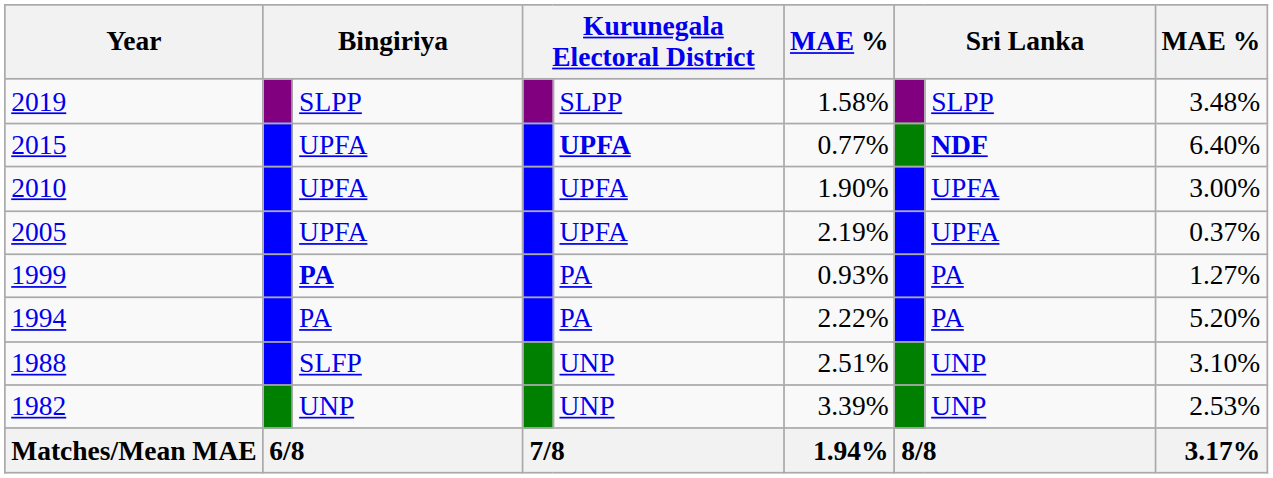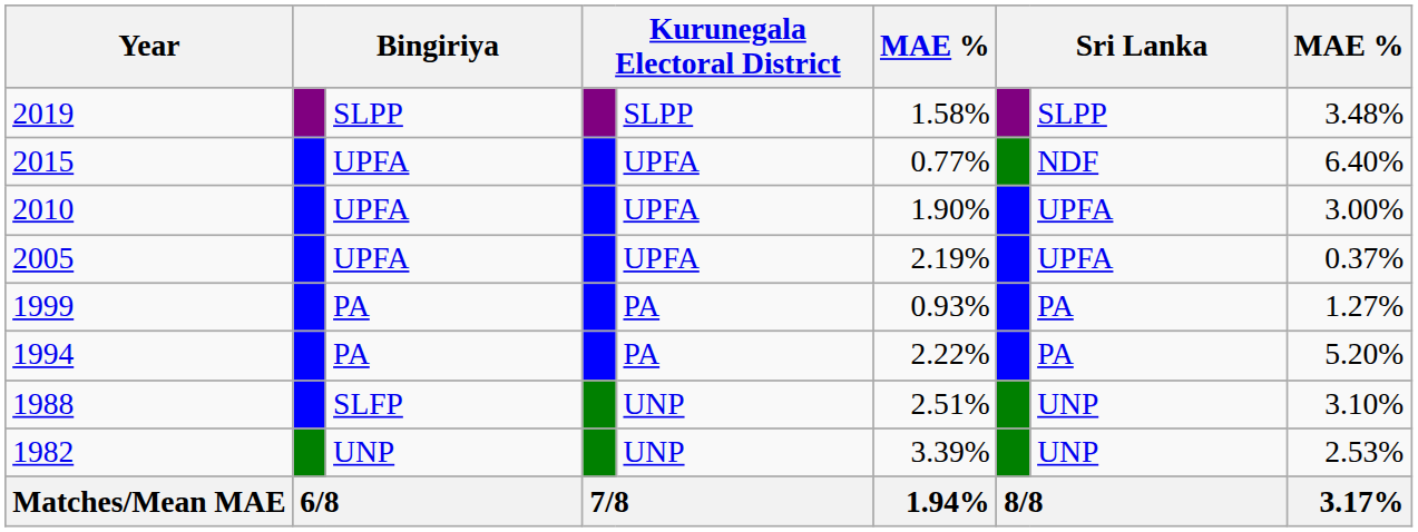 <table class="wikitable">
 <tr>
 <th>Year</th>
 <th colspan="2" width="144px">Bingiriya</th>
 <th colspan="2" width="144px"><a href='#'>Kurunegala Electoral District</a></th>
 <th><a href='#'>MAE</a> %</th>
 <th colspan="2" width="144px">Sri Lanka</th>
 <th>MAE %</th>
 </tr>
 <tr>
 <td><a href='#'>2019</a></td>
 <td style="background-color:purple;" width="10px"></td>
 <td style="text-align:left;"><a href='#'>SLPP</a></td>
 <td style="background-color:purple;" width="10px"></td>
 <td style="text-align:left;"><a href='#'>SLPP</a></td>
 <td style="text-align:right;">1.58%</td>
 <td style="background-color:purple;" width="10px"></td>
 <td style="text-align:left;"><a href='#'>SLPP</a></td>
 <td style="text-align:right;">3.48%</td>
 </tr>
 <tr>
 <td><a href='#'>2015</a></td>
 <td style="background-color:blue;" width="10px"></td>
 <td style="text-align:left;"><a href='#'>UPFA</a></td>
 <td style="background-color:blue;" width="10px"></td>
-<td style="text-align:left;"><strong><a href='#'>UPFA</a></strong></td>
+<td style="text-align:left;"><a href='#'>UPFA</a></td>
 <td style="text-align:right;">0.77%</td>
 <td style="background-color:green;" width="10px"></td>
-<td style="text-align:left;"><strong><a href='#'>NDF</a></strong></td>
+<td style="text-align:left;"><a href='#'>NDF</a></td>
 <td style="text-align:right;">6.40%</td>
 </tr>
 <tr>
 <td><a href='#'>2010</a></td>
 <td style="background-color:blue;" width="10px"></td>
 <td style="text-align:left;"><a href='#'>UPFA</a></td>
 <td style="background-color:blue;" width="10px"></td>
 <td style="text-align:left;"><a href='#'>UPFA</a></td>
 <td style="text-align:right;">1.90%</td>
 <td style="background-color:blue;" width="10px"></td>
 <td style="text-align:left;"><a href='#'>UPFA</a></td>
 <td style="text-align:right;">3.00%</td>
 </tr>
 <tr>
 <td><a href='#'>2005</a></td>
 <td style="background-color:blue;" width="10px"></td>
 <td style="text-align:left;"><a href='#'>UPFA</a></td>
 <td style="background-color:blue;" width="10px"></td>
 <td style="text-align:left;"><a href='#'>UPFA</a></td>
 <td style="text-align:right;">2.19%</td>
 <td style="background-color:blue;" width="10px"></td>
 <td style="text-align:left;"><a href='#'>UPFA</a></td>
 <td style="text-align:right;">0.37%</td>
 </tr>
 <tr>
 <td><a href='#'>1999</a></td>
 <td style="background-color:blue;" width="10px"></td>
-<td style="text-align:left;"><strong><a href='#'>PA</a></strong></td>
+<td style="text-align:left;"><a href='#'>PA</a></td>
 <td style="background-color:blue;" width="10px"></td>
 <td style="text-align:left;"><a href='#'>PA</a></td>
 <td style="text-align:right;">0.93%</td>
 <td style="background-color:blue;" width="10px"></td>
 <td style="text-align:left;"><a href='#'>PA</a></td>
 <td style="text-align:right;">1.27%</td>
 </tr>
 <tr>
 <td><a href='#'>1994</a></td>
 <td style="background-color:blue;" width="10px"></td>
 <td style="text-align:left;"><a href='#'>PA</a></td>
 <td style="background-color:blue;" width="10px"></td>
 <td style="text-align:left;"><a href='#'>PA</a></td>
 <td style="text-align:right;">2.22%</td>
 <td style="background-color:blue;" width="10px"></td>
 <td style="text-align:left;"><a href='#'>PA</a></td>
 <td style="text-align:right;">5.20%</td>
 </tr>
 <tr>
 <td><a href='#'>1988</a></td>
 <td style="background-color:blue;" width="10px"></td>
 <td style="text-align:left;"><a href='#'>SLFP</a></td>
 <td style="background-color:green;" width="10px"></td>
 <td style="text-align:left;"><a href='#'>UNP</a></td>
 <td style="text-align:right;">2.51%</td>
 <td style="background-color:green;" width="10px"></td>
 <td style="text-align:left;"><a href='#'>UNP</a></td>
 <td style="text-align:right;">3.10%</td>
 </tr>
 <tr>
 <td><a href='#'>1982</a></td>
 <td style="background-color:green;" width="10px"></td>
 <td style="text-align:left;"><a href='#'>UNP</a></td>
 <td style="background-color:green;" width="10px"></td>
 <td style="text-align:left;"><a href='#'>UNP</a></td>
 <td style="text-align:right;">3.39%</td>
 <td style="background-color:green;" width="10px"></td>
 <td style="text-align:left;"><a href='#'>UNP</a></td>
 <td style="text-align:right;">2.53%</td>
 </tr>
 <tr>
 <th>Matches/Mean MAE</th>
 <th style="text-align:left;"colspan="2" width="144px">6/8</th>
 <th style="text-align:left;"colspan="2" width="144px">7/8</th>
 <th style="text-align:right;">1.94%</th>
 <th style="text-align:left;"colspan="2" width="144px">8/8</th>
 <th style="text-align:right;">3.17%</th>
 </tr>
 </table>
